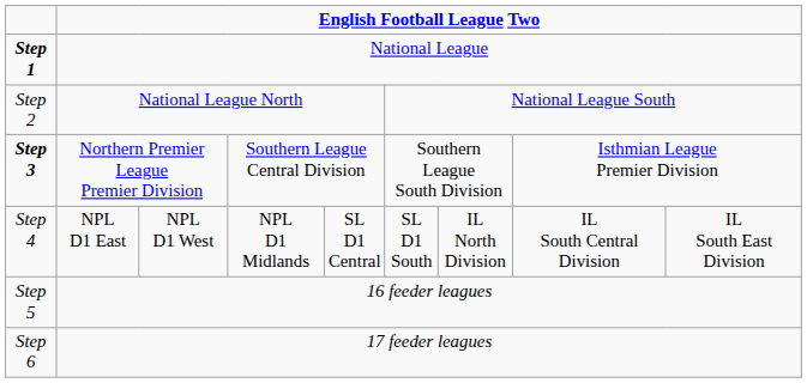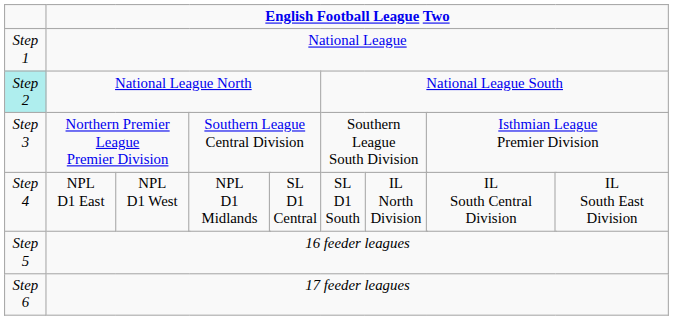 <table class="wikitable" style="text-align: center; font-size: 85%;">
 <tr>
 <td> </td>
 <td colspan="16"><strong><a href='#'>English Football League</a> <a href='#'>Two</a></strong></td>
 </tr>
 <tr style="vertical-align: top;">
-<td><strong><em>Step 1</em></strong></td>
+<td><em>Step 1</em></td>
 <td colspan="16"><a href='#'>National League</a></td>
 </tr>
 <tr style="vertical-align: top;">
-<td><em>Step 2</em></td>
+<td style="background: paleturquoise;"><em>Step 2</em></td>
 <td colspan="8"><a href='#'>National League North</a></td>
 <td colspan="8"><a href='#'>National League South</a></td>
 </tr>
 <tr style="vertical-align: top;">
-<td><strong><em>Step 3</em></strong></td>
+<td><em>Step 3</em></td>
 <td colspan="4"><a href='#'>Northern Premier League</a><br><a href='#'>Premier Division</a></td>
 <td colspan="4"><a href='#'>Southern League</a><br>Central Division</td>
 <td colspan="4">Southern League<br>South Division</td>
 <td colspan="4"><a href='#'>Isthmian League</a><br>Premier Division</td>
 </tr>
 <tr style="vertical-align: top;">
 <td><em>Step 4</em></td>
 <td colspan="2">NPL<br>D1 East</td>
 <td colspan="2">NPL<br>D1 West</td>
 <td colspan="2">NPL<br>D1 Midlands</td>
 <td colspan="2">SL<br>D1<br>Central</td>
 <td colspan="2">SL<br>D1<br>South</td>
 <td colspan="2">IL<br>North <br>Division</td>
 <td colspan="2">IL<br>South Central Division</td>
 <td colspan="2">IL <br>South East Division</td>
 </tr>
 <tr style="vertical-align: top;">
 <td><em>Step 5</em></td>
 <td colspan="16"><em>16 feeder leagues</em></td>
 </tr>
 <tr style="vertical-align: top;">
 <td><em>Step 6</em></td>
 <td colspan="16"><em>17 feeder leagues</em></td>
 </tr>
 </table>
